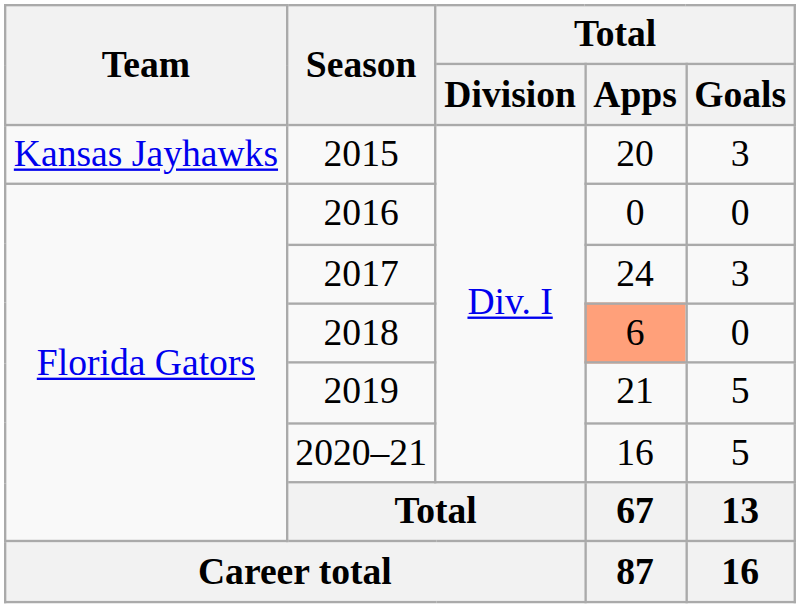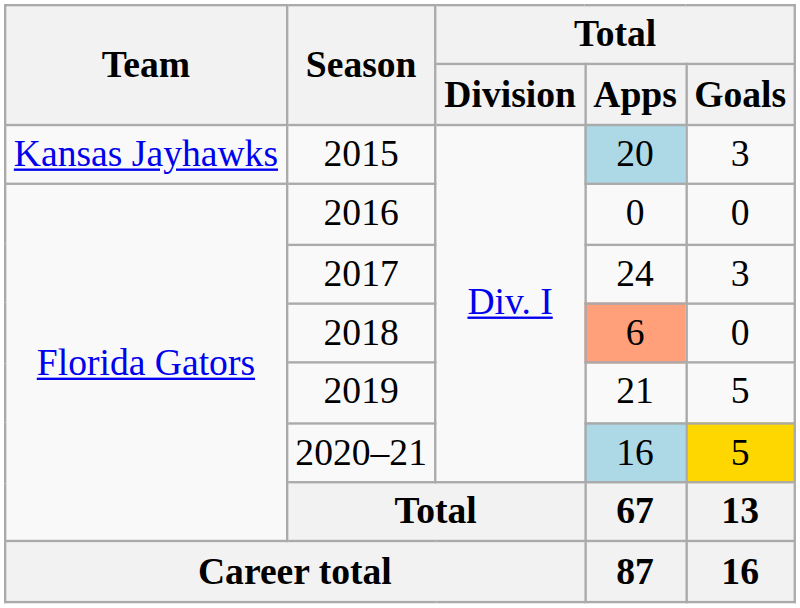 <table class="wikitable" style="text-align: center;">
 <tr>
 <th rowspan="2">Team</th>
 <th rowspan="2">Season</th>
 <th colspan="3">Total</th>
 </tr>
 <tr>
 <th>Division</th>
 <th>Apps</th>
 <th>Goals</th>
 </tr>
 <tr>
 <td><a href='#'>Kansas Jayhawks</a></td>
 <td>2015</td>
 <td rowspan="6"><a href='#'>Div. I</a></td>
-<td>20</td>
+<td style="background: lightblue;">20</td>
 <td>3</td>
 </tr>
 <tr>
 <td rowspan="6"><a href='#'>Florida Gators</a></td>
 <td>2016</td>
 <td>0</td>
 <td>0</td>
 </tr>
 <tr>
 <td>2017</td>
 <td>24</td>
 <td>3</td>
 </tr>
 <tr>
 <td>2018</td>
 <td style="background: lightsalmon;">6</td>
 <td>0</td>
 </tr>
 <tr>
 <td>2019</td>
 <td>21</td>
 <td>5</td>
 </tr>
 <tr>
 <td>2020–21</td>
-<td>16</td>
-<td>5</td>
+<td style="background: lightblue;">16</td>
+<td style="background: gold;">5</td>
 </tr>
 <tr>
 <th colspan="2">Total</th>
 <th>67</th>
 <th>13</th>
 </tr>
 <tr>
 <th colspan="3">Career total</th>
 <th>87</th>
 <th>16</th>
 </tr>
 </table>
